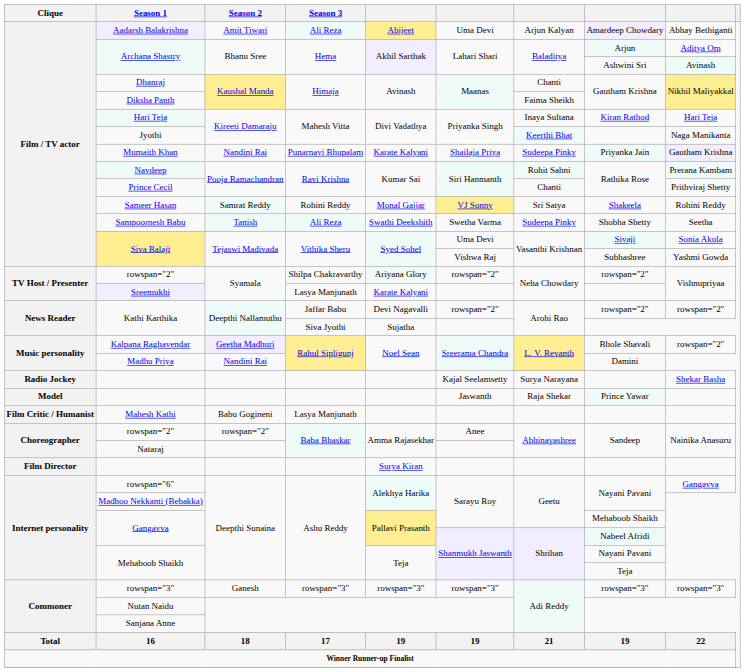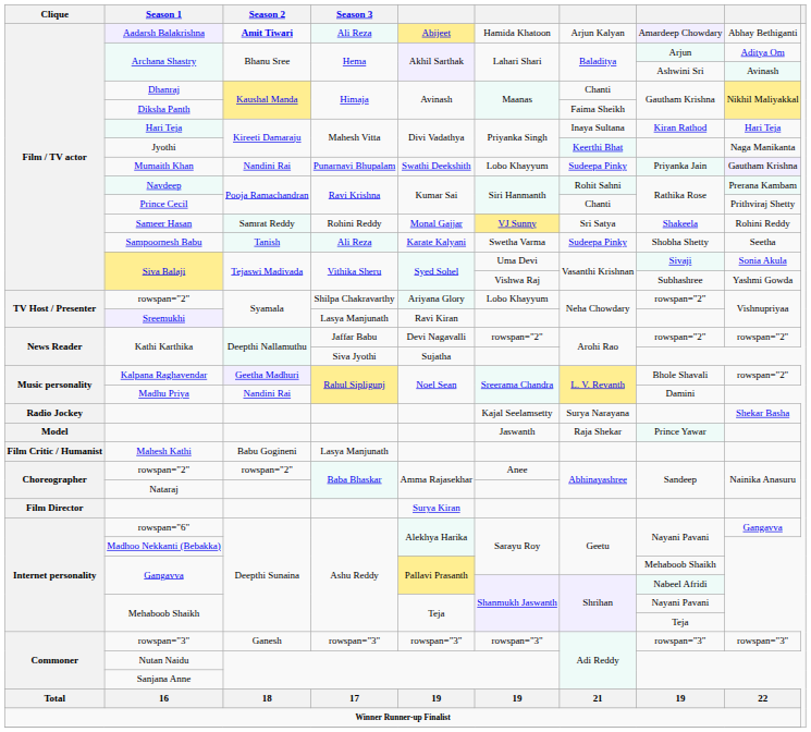 <table class="wikitable sortable" style="text-align:center;font-size: 85%; line-height:20px; width:auto;">
 <tr bgcolor="#CCCCCC" align="center">
 <th>Clique</th>
 <th><a href='#'>Season 1</a></th>
 <th><a href='#'>Season 2</a></th>
 <th><a href='#'>Season 3</a></th>
 <th></th>
 <th></th>
 <th></th>
 <th></th>
 <th></th>
 <th></th>
 </tr>
 <tr>
 <th rowspan="14" bgcolor="#CCCCCC">Film / TV actor</th>
 <td style="background:#f2eeff;"><a href='#'>Aadarsh Balakrishna</a></td>
-<td><a href='#'>Amit Tiwari</a></td>
+<td><strong><a href='#'>Amit Tiwari</a></strong></td>
 <td style="background:#eefbf8;"><a href='#'>Ali Reza</a></td>
 <td style="background:#ffee91;"><a href='#'>Abijeet</a></td>
-<td>Uma Devi</td>
+<td>Hamida Khatoon</td>
 <td>Arjun Kalyan</td>
 <td style="background:#f2eeff;">Amardeep Chowdary</td>
 <td>Abhay Bethiganti</td>
 </tr>
 <tr>
 <td rowspan="2" style="background:#eefbf8;"><a href='#'>Archana Shastry</a></td>
 <td rowspan="2">Bhanu Sree</td>
 <td rowspan="2"><a href='#'>Hema</a></td>
 <td rowspan="2" style="background:#f2eeff;">Akhil Sarthak</td>
 <td rowspan="2">Lahari Shari</td>
 <td rowspan="2"><a href='#'>Baladitya</a></td>
 <td style="background:#eefbf8;">Arjun</td>
 <td><a href='#'>Aditya Om</a></td>
 </tr>
 <tr>
 <td>Ashwini Sri</td>
 <td style="background:#eefbf8;">Avinash</td>
 </tr>
 <tr>
 <td><a href='#'>Dhanraj</a></td>
 <td rowspan="2" style="background:#ffee91;"><a href='#'>Kaushal Manda</a></td>
 <td rowspan="2"><a href='#'>Himaja</a></td>
 <td rowspan="2">Avinash</td>
 <td rowspan="2" style="background:#eefbf8;">Maanas</td>
 <td>Chanti</td>
 <td rowspan="2">Gautham Krishna</td>
 <td rowspan="2" style="background:#ffee91;">Nikhil Maliyakkal</td>
 </tr>
 <tr>
 <td><a href='#'>Diksha Panth</a></td>
 <td>Faima Sheikh</td>
 </tr>
 <tr>
 <td style="background:#eefbf8;"><a href='#'>Hari Teja</a></td>
 <td rowspan="2"><a href='#'>Kireeti Damaraju</a></td>
 <td rowspan="2">Mahesh Vitta</td>
 <td rowspan="2">Divi Vadathya</td>
 <td rowspan="2">Priyanka Singh</td>
 <td>Inaya Sultana</td>
 <td><a href='#'>Kiran Rathod</a></td>
 <td><a href='#'>Hari Teja</a></td>
 </tr>
 <tr>
 <td>Jyothi</td>
 <td style="background:#eefbf8;"><a href='#'>Keerthi Bhat</a></td>
 <td></td>
 <td>Naga Manikanta</td>
 </tr>
 <tr>
 <td><a href='#'>Mumaith Khan</a></td>
 <td><a href='#'>Nandini Rai</a></td>
 <td><a href='#'>Punarnavi Bhupalam</a></td>
-<td><a href='#'>Karate Kalyani</a></td>
-<td><a href='#'>Shailaja Priya</a></td>
+<td><a href='#'>Swathi Deekshith</a></td>
+<td>Lobo Khayyum</td>
 <td><a href='#'>Sudeepa Pinky</a></td>
 <td style="background:#eefbf8;">Priyanka Jain</td>
 <td style="background:#f2eeff;">Gautham Krishna</td>
 </tr>
 <tr>
 <td style="background:#eefbf8;"><a href='#'>Navdeep</a></td>
 <td rowspan="2"><a href='#'>Pooja Ramachandran</a></td>
 <td rowspan="2"><a href='#'>Ravi Krishna</a></td>
 <td rowspan="2">Kumar Sai</td>
 <td rowspan="2" style="background:#eefbf8;">Siri Hanmanth</td>
 <td style="background:#eefbf8;">Rohit Sahni</td>
 <td rowspan="2">Rathika Rose</td>
 <td style="background:#eefbf8;">Prerana Kambam</td>
 </tr>
 <tr>
 <td><a href='#'>Prince Cecil</a></td>
 <td>Chanti</td>
 <td>Prithviraj Shetty</td>
 </tr>
 <tr>
 <td><a href='#'>Sameer Hasan</a></td>
 <td style="background:#eefbf8;">Samrat Reddy</td>
 <td>Rohini Reddy</td>
 <td><a href='#'>Monal Gajjar</a></td>
 <td style="background:#ffee91;"><a href='#'>VJ Sunny</a></td>
 <td>Sri Satya</td>
 <td><a href='#'>Shakeela</a></td>
 <td>Rohini Reddy</td>
 </tr>
 <tr>
 <td><a href='#'>Sampoornesh Babu</a></td>
 <td style="background:#eefbf8;"><a href='#'>Tanish</a></td>
 <td style="background:#eefbf8;"><a href='#'>Ali Reza</a></td>
-<td><a href='#'>Swathi Deekshith</a></td>
+<td><a href='#'>Karate Kalyani</a></td>
 <td>Swetha Varma</td>
 <td><a href='#'>Sudeepa Pinky</a></td>
 <td>Shobha Shetty</td>
 <td>Seetha</td>
 </tr>
 <tr>
 <td rowspan="2" style="background:#ffee91;"><a href='#'>Siva Balaji</a></td>
 <td rowspan="2"><a href='#'>Tejaswi Madivada</a></td>
 <td rowspan="2"><a href='#'>Vithika Sheru</a></td>
 <td rowspan="2" style="background:#eefbf8;"><a href='#'>Syed Sohel</a></td>
 <td>Uma Devi</td>
 <td rowspan="2">Vasanthi Krishnan</td>
 <td style="background:#eefbf8;"><a href='#'>Sivaji</a></td>
 <td><a href='#'>Sonia Akula</a></td>
 </tr>
 <tr>
 <td>Vishwa Raj</td>
 <td>Subhashree</td>
 <td>Yashmi Gowda</td>
 </tr>
 <tr>
 <th rowspan="2" bgcolor="#CCCCCC">TV Host / Presenter</th>
 <td>rowspan="2" </td>
 <td rowspan="2">Syamala</td>
 <td>Shilpa Chakravarthy</td>
 <td style="background:#eefbf8;">Ariyana Glory</td>
-<td>rowspan="2" </td>
+<td>Lobo Khayyum</td>
 <td rowspan="2">Neha Chowdary</td>
 <td>rowspan="2" </td>
 <td rowspan="2">Vishnupriyaa</td>
 </tr>
 <tr>
 <td style="background:#f2eeff;"><a href='#'>Sreemukhi</a></td>
 <td>Lasya Manjunath</td>
-<td><a href='#'>Karate Kalyani</a></td>
+<td>Ravi Kiran</td>
 </tr>
 <tr>
 <th rowspan="2" bgcolor="#CCCCCC">News Reader</th>
 <td rowspan="2">Kathi Karthika</td>
 <td rowspan="2" style="background:#eefbf8;">Deepthi Nallamuthu</td>
 <td>Jaffar Babu</td>
 <td>Devi Nagavalli</td>
 <td>rowspan="2" </td>
 <td rowspan="2">Arohi Rao</td>
 <td>rowspan="2" </td>
 <td>rowspan="2" </td>
 </tr>
 <tr>
 <td>Siva Jyothi</td>
 <td>Sujatha</td>
 </tr>
 <tr>
 <th rowspan="2"bgcolor="#CCCCCC">Music personality</th>
 <td><a href='#'>Kalpana Raghavendar</a></td>
 <td style="background:#f2eeff;"><a href='#'>Geetha Madhuri</a></td>
 <td rowspan="2" style="background:#ffee91;"><a href='#'>Rahul Sipligunj</a></td>
 <td rowspan="2"><a href='#'>Noel Sean</a></td>
 <td rowspan="2" style="background:#eefbf8;"><a href='#'>Sreerama Chandra</a></td>
 <td rowspan="2" style="background:#ffee91;"><a href='#'>L. V. Revanth</a></td>
 <td>Bhole Shavali</td>
 <td>rowspan="2" </td>
 </tr>
 <tr>
 <td><a href='#'>Madhu Priya</a></td>
 <td><a href='#'>Nandini Rai</a></td>
 <td>Damini</td>
 </tr>
 <tr>
 <th>Radio Jockey</th>
 <td></td>
 <td></td>
 <td></td>
 <td></td>
 <td>Kajal Seelamsetty</td>
 <td>Surya Narayana</td>
 <td></td>
 <td><a href='#'>Shekar Basha</a></td>
 </tr>
 <tr>
 <th>Model</th>
 <td></td>
 <td></td>
 <td></td>
 <td></td>
 <td>Jaswanth</td>
 <td>Raja Shekar</td>
 <td style="background:#eefbf8;">Prince Yawar</td>
 <td></td>
 </tr>
 <tr>
 <th bgcolor="#CCCCCC">Film Critic / Humanist</th>
 <td><a href='#'>Mahesh Kathi</a></td>
 <td>Babu Gogineni</td>
 <td>Lasya Manjunath</td>
 <td></td>
 <td></td>
 <td></td>
 <td></td>
 <td></td>
 </tr>
 <tr>
 <th rowspan="2" bgcolor="#CCCCCC">Choreographer</th>
 <td>rowspan="2" </td>
 <td>rowspan="2" </td>
 <td rowspan="2" style="background:#eefbf8;"><a href='#'>Baba Bhaskar</a></td>
 <td rowspan="2">Amma Rajasekhar</td>
 <td>Anee</td>
 <td rowspan="2"><a href='#'>Abhinayashree</a></td>
 <td rowspan="2">Sandeep</td>
 <td rowspan="2">Nainika Anasuru</td>
 </tr>
 <tr>
 <td>Nataraj</td>
 </tr>
 <tr>
 <th bgcolor="#CCCCCC">Film Director</th>
 <td></td>
 <td></td>
 <td></td>
 <td><a href='#'>Surya Kiran</a></td>
 <td></td>
 <td></td>
 <td></td>
 <td></td>
 </tr>
 <tr>
 <th rowspan="6" bgcolor="#CCCCCC">Internet personality</th>
 <td>rowspan="6" </td>
 <td rowspan="6">Deepthi Sunaina</td>
 <td rowspan="6">Ashu Reddy</td>
 <td rowspan="2" style="background:#eefbf8;">Alekhya Harika</td>
 <td rowspan="3">Sarayu Roy</td>
 <td rowspan="3">Geetu</td>
 <td rowspan="2">Nayani Pavani</td>
 <td><a href='#'>Gangavva</a></td>
 </tr>
 <tr>
 <td><a href='#'>Madhoo Nekkanti (Bebakka)</a></td>
 </tr>
 <tr>
 <td rowspan="2"><a href='#'>Gangavva</a></td>
 <td rowspan="2" style="background:#ffee91;">Pallavi Prasanth</td>
 <td>Mehaboob Shaikh</td>
 </tr>
 <tr>
 <td rowspan="3" style="background:#f2eeff;"><a href='#'>Shanmukh Jaswanth</a></td>
 <td rowspan="3" style="background:#f2eeff;">Shrihan</td>
 <td style="background:#eefbf8;">Nabeel Afridi</td>
 </tr>
 <tr>
 <td rowspan="2">Mehaboob Shaikh</td>
 <td rowspan="2">Teja</td>
 <td>Nayani Pavani</td>
 </tr>
 <tr>
 <td>Teja</td>
 </tr>
 <tr>
 <th rowspan="3" bgcolor="#CCCCCC">Commoner</th>
 <td>rowspan="3" </td>
 <td>Ganesh</td>
 <td>rowspan="3" </td>
 <td>rowspan="3" </td>
 <td>rowspan="3" </td>
 <td rowspan="3" style="background:#eefbf8;">Adi Reddy</td>
 <td>rowspan="3" </td>
 <td>rowspan="3" </td>
 </tr>
 <tr>
 <td>Nutan Naidu</td>
 </tr>
 <tr>
 <td>Sanjana Anne</td>
 </tr>
 <tr bgcolor="#CCCCCC">
 <th>Total</th>
 <th>16</th>
 <th>18</th>
 <th>17</th>
 <th>19</th>
 <th>19</th>
 <th>21</th>
 <th>19</th>
 <th>22</th>
 </tr>
 <tr>
 <td colspan="9"><small><strong> Winner</strong> <strong> Runner-up</strong> <strong> Finalist</strong></small></td>
 </tr>
 <tr>
 </tr>
 </table>
